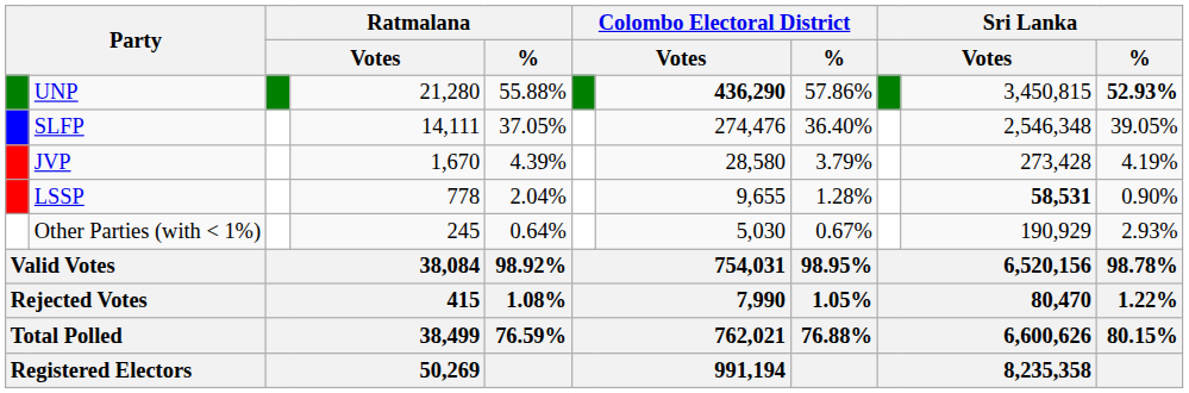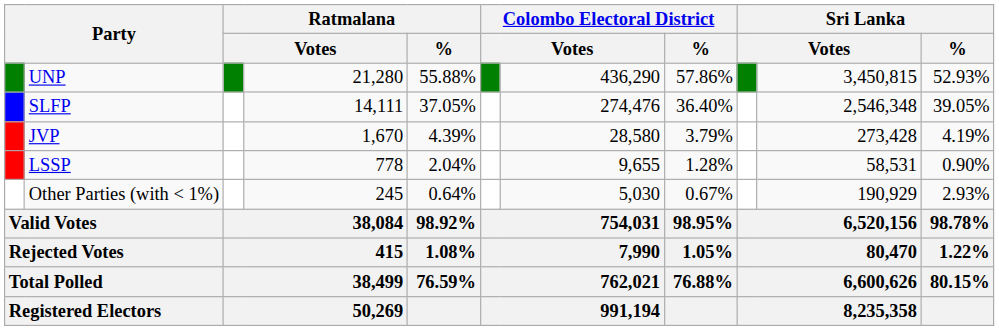 <table class="wikitable">
 <tr>
 <th colspan="2" width="144px"rowspan="2">Party</th>
 <th colspan="3" width="216px">Ratmalana</th>
 <th colspan="3" width="216px"><a href='#'>Colombo Electoral District</a></th>
 <th colspan="3" width="216px">Sri Lanka</th>
 </tr>
 <tr>
 <th colspan="2" width="144px">Votes</th>
 <th>%</th>
 <th colspan="2" width="144px">Votes</th>
 <th>%</th>
 <th colspan="2" width="144px">Votes</th>
 <th>%</th>
 </tr>
 <tr>
 <td style="background-color:green;" width="10px"></td>
 <td style="text-align:left;"><a href='#'>UNP</a></td>
 <td style="background-color:green;" width="10px"></td>
 <td style="text-align:right;">21,280</td>
 <td style="text-align:right;">55.88%</td>
 <td style="background-color:green;" width="10px"></td>
-<td style="text-align:right;"><strong>436,290</strong></td>
+<td style="text-align:right;">436,290</td>
 <td style="text-align:right;">57.86%</td>
 <td style="background-color:green;" width="10px"></td>
 <td style="text-align:right;">3,450,815</td>
-<td style="text-align:right;"><strong>52.93%</strong></td>
+<td style="text-align:right;">52.93%</td>
 </tr>
 <tr>
 <td style="background-color:blue;" width="10px"></td>
 <td style="text-align:left;"><a href='#'>SLFP</a></td>
 <td style="background-color:white;" width="10px"></td>
 <td style="text-align:right;">14,111</td>
 <td style="text-align:right;">37.05%</td>
 <td style="background-color:white;" width="10px"></td>
 <td style="text-align:right;">274,476</td>
 <td style="text-align:right;">36.40%</td>
 <td style="background-color:white;" width="10px"></td>
 <td style="text-align:right;">2,546,348</td>
 <td style="text-align:right;">39.05%</td>
 </tr>
 <tr>
 <td style="background-color:red;" width="10px"></td>
 <td style="text-align:left;"><a href='#'>JVP</a></td>
 <td style="background-color:white;" width="10px"></td>
 <td style="text-align:right;">1,670</td>
 <td style="text-align:right;">4.39%</td>
 <td style="background-color:white;" width="10px"></td>
 <td style="text-align:right;">28,580</td>
 <td style="text-align:right;">3.79%</td>
 <td style="background-color:white;" width="10px"></td>
 <td style="text-align:right;">273,428</td>
 <td style="text-align:right;">4.19%</td>
 </tr>
 <tr>
 <td style="background-color:red;" width="10px"></td>
 <td style="text-align:left;"><a href='#'>LSSP</a></td>
 <td style="background-color:white;" width="10px"></td>
 <td style="text-align:right;">778</td>
 <td style="text-align:right;">2.04%</td>
 <td style="background-color:white;" width="10px"></td>
 <td style="text-align:right;">9,655</td>
 <td style="text-align:right;">1.28%</td>
 <td style="background-color:white;" width="10px"></td>
-<td style="text-align:right;"><strong>58,531</strong></td>
+<td style="text-align:right;">58,531</td>
 <td style="text-align:right;">0.90%</td>
 </tr>
 <tr>
 <td style="background-color:white;" width="10px"></td>
 <td style="text-align:left;">Other Parties (with < 1%)</td>
 <td style="background-color:white;" width="10px"></td>
 <td style="text-align:right;">245</td>
 <td style="text-align:right;">0.64%</td>
 <td style="background-color:white;" width="10px"></td>
 <td style="text-align:right;">5,030</td>
 <td style="text-align:right;">0.67%</td>
 <td style="background-color:white;" width="10px"></td>
 <td style="text-align:right;">190,929</td>
 <td style="text-align:right;">2.93%</td>
 </tr>
 <tr>
 <th colspan="2" width="144px"style="text-align:left;">Valid Votes</th>
 <th style="text-align:right;"colspan="2" width="144px">38,084</th>
 <th style="text-align:right;">98.92%</th>
 <th style="text-align:right;"colspan="2" width="144px">754,031</th>
 <th style="text-align:right;">98.95%</th>
 <th style="text-align:right;"colspan="2" width="144px">6,520,156</th>
 <th style="text-align:right;">98.78%</th>
 </tr>
 <tr>
 <th colspan="2" width="144px"style="text-align:left;">Rejected Votes</th>
 <th style="text-align:right;"colspan="2" width="144px">415</th>
 <th style="text-align:right;">1.08%</th>
 <th style="text-align:right;"colspan="2" width="144px">7,990</th>
 <th style="text-align:right;">1.05%</th>
 <th style="text-align:right;"colspan="2" width="144px">80,470</th>
 <th style="text-align:right;">1.22%</th>
 </tr>
 <tr>
 <th colspan="2" width="144px"style="text-align:left;">Total Polled</th>
 <th style="text-align:right;"colspan="2" width="144px">38,499</th>
 <th style="text-align:right;">76.59%</th>
 <th style="text-align:right;"colspan="2" width="144px">762,021</th>
 <th style="text-align:right;">76.88%</th>
 <th style="text-align:right;"colspan="2" width="144px">6,600,626</th>
 <th style="text-align:right;">80.15%</th>
 </tr>
 <tr>
 <th colspan="2" width="144px"style="text-align:left;">Registered Electors</th>
 <th style="text-align:right;"colspan="2" width="144px">50,269</th>
 <th></th>
 <th style="text-align:right;"colspan="2" width="144px">991,194</th>
 <th></th>
 <th style="text-align:right;"colspan="2" width="144px">8,235,358</th>
 <th></th>
 </tr>
 </table>
